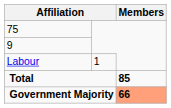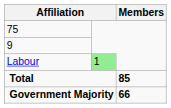 <table class="wikitable">
 <tr>
 <th colspan="2">Affiliation</th>
 <th>Members</th>
 </tr>
 <tr>
 <td>75</td>
 </tr>
 <tr>
 <td>9</td>
 </tr>
 <tr>
 <td align=left><a href='#'>Labour</a></td>
-<td>1</td>
+<td style="background: lightgreen;">1</td>
 </tr>
 <tr>
 <td colspan="2" rowspan="1" align=left> <strong>Total</strong><br></td>
 <td><strong>85</strong></td>
 </tr>
 <tr>
 <td colspan="2" rowspan="1" align=left> <strong>Government Majority</strong><br></td>
-<td style="background: lightsalmon;"><strong>66</strong></td>
+<td><strong>66</strong></td>
 </tr>
 </table>
